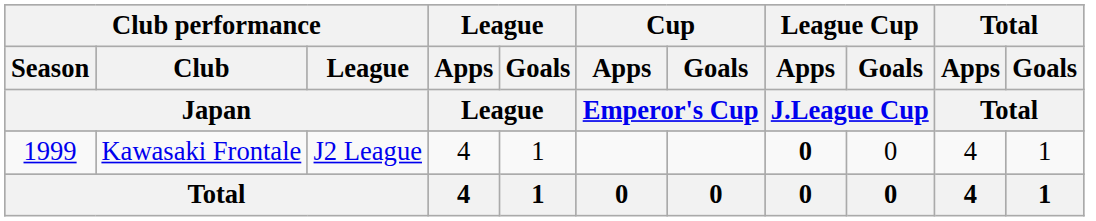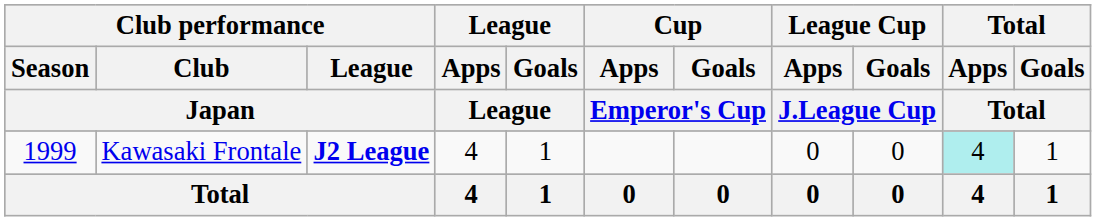 <table class="wikitable" style="text-align:center;">
 <tr>
 <th colspan=3>Club performance</th>
 <th colspan=2>League</th>
 <th colspan=2>Cup</th>
 <th colspan=2>League Cup</th>
 <th colspan=2>Total</th>
 </tr>
 <tr>
 <th>Season</th>
 <th>Club</th>
 <th>League</th>
 <th>Apps</th>
 <th>Goals</th>
 <th>Apps</th>
 <th>Goals</th>
 <th>Apps</th>
 <th>Goals</th>
 <th>Apps</th>
 <th>Goals</th>
 </tr>
 <tr>
 <th colspan=3>Japan</th>
 <th colspan=2>League</th>
 <th colspan=2><a href='#'>Emperor's Cup</a></th>
 <th colspan=2><a href='#'>J.League Cup</a></th>
 <th colspan=2>Total</th>
 </tr>
 <tr>
 <td><a href='#'>1999</a></td>
 <td><a href='#'>Kawasaki Frontale</a></td>
-<td><a href='#'>J2 League</a></td>
+<td><strong><a href='#'>J2 League</a></strong></td>
 <td>4</td>
 <td>1</td>
 <td></td>
 <td></td>
-<td><strong>0</strong></td>
 <td>0</td>
-<td>4</td>
+<td>0</td>
+<td style="background: paleturquoise;">4</td>
 <td>1</td>
 </tr>
 <tr>
 <th colspan=3>Total</th>
 <th>4</th>
 <th>1</th>
 <th>0</th>
 <th>0</th>
 <th>0</th>
 <th>0</th>
 <th>4</th>
 <th>1</th>
 </tr>
 </table>
